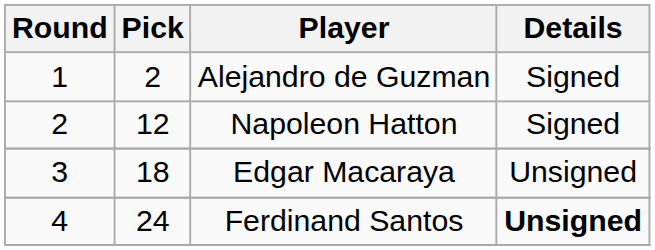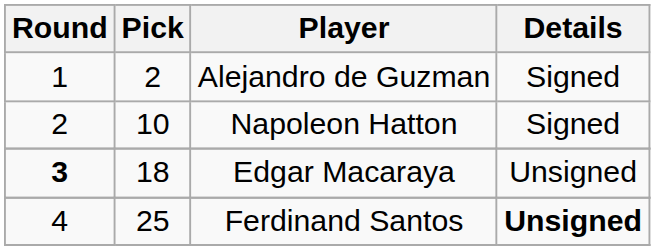 <table class="wikitable sortable sortable">
 <tr>
 <th>Round</th>
 <th>Pick</th>
 <th>Player</th>
 <th>Details</th>
 </tr>
 <tr style="text-align: center">
 <td>1</td>
 <td>2</td>
 <td>Alejandro de Guzman</td>
 <td>Signed</td>
 </tr>
 <tr style="text-align: center">
 <td>2</td>
-<td>12</td>
+<td>10</td>
 <td>Napoleon Hatton</td>
 <td>Signed</td>
 </tr>
 <tr>
 </tr>
 <tr style="text-align: center">
-<td>3</td>
+<td><strong>3</strong></td>
 <td>18</td>
 <td>Edgar Macaraya</td>
 <td>Unsigned</td>
 </tr>
 <tr>
 </tr>
 <tr style="text-align: center">
 <td>4</td>
-<td>24</td>
+<td>25</td>
 <td>Ferdinand Santos</td>
 <td><strong>Unsigned</strong></td>
 </tr>
 <tr>
 </tr>
 </table>
